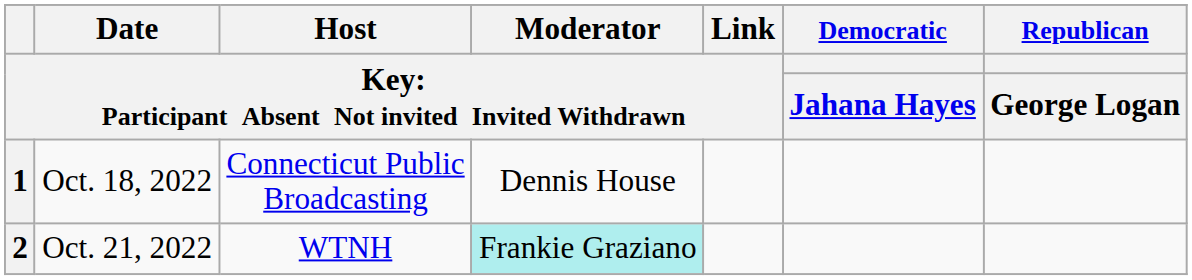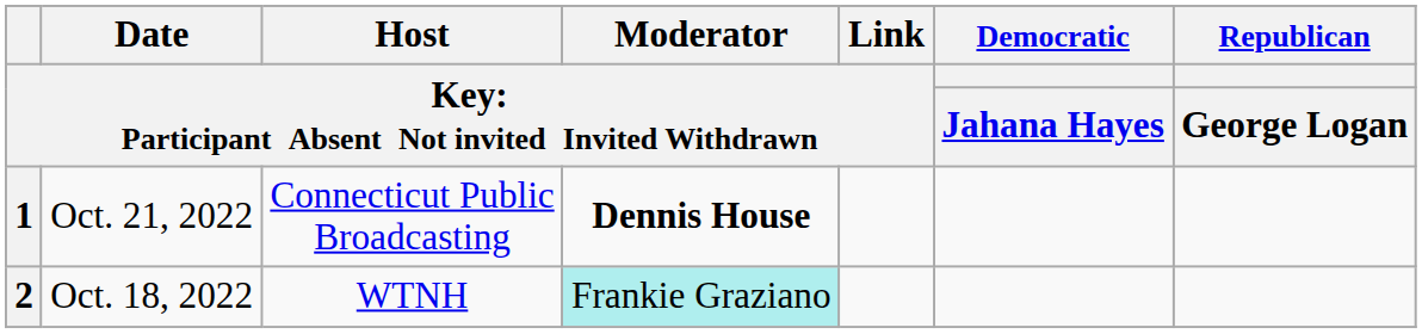 <table class="wikitable" style="text-align:center;">
 <tr>
 <th scope="col"></th>
 <th scope="col">Date</th>
 <th scope="col">Host</th>
 <th scope="col">Moderator</th>
 <th scope="col">Link</th>
 <th scope="col"><small><a href='#'>Democratic</a></small></th>
 <th scope="col"><small><a href='#'>Republican</a></small></th>
 </tr>
 <tr>
 <th colspan="5" rowspan="2">Key:<br> <small>Participant </small>  <small>Absent </small>  <small>Not invited </small>  <small>Invited  Withdrawn</small></th>
 <th scope="col" style="background:"></th>
 <th scope="col" style="background:"></th>
 </tr>
 <tr>
 <th scope="col"><a href='#'>Jahana Hayes</a></th>
 <th scope="col">George Logan</th>
 </tr>
 <tr>
 <th>1</th>
-<td style="white-space:nowrap;">Oct. 18, 2022</td>
+<td style="white-space:nowrap;">Oct. 21, 2022</td>
 <td style="white-space:nowrap;"><a href='#'>Connecticut Public</a><br><a href='#'>Broadcasting</a></td>
-<td style="white-space:nowrap;">Dennis House</td>
+<td style="white-space:nowrap;"><strong>Dennis House</strong></td>
 <td style="white-space:nowrap;"></td>
 <td></td>
 <td></td>
 </tr>
 <tr>
 <th>2</th>
-<td style="white-space:nowrap;">Oct. 21, 2022</td>
+<td style="white-space:nowrap;">Oct. 18, 2022</td>
 <td style="white-space:nowrap;"><a href='#'>WTNH</a></td>
 <td style="background: paleturquoise; white-space:nowrap;">Frankie Graziano</td>
 <td style="white-space:nowrap;"></td>
 <td></td>
 <td></td>
 </tr>
 </table>
